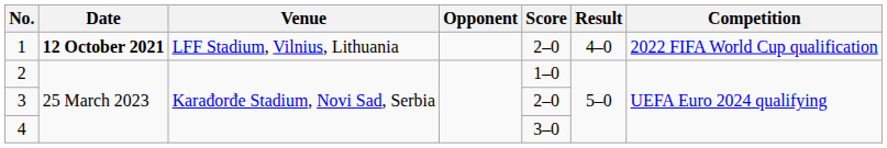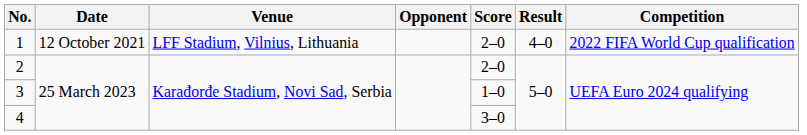 <table class="wikitable sortable">
 <tr>
 <th scope="col">No.</th>
 <th scope="col">Date</th>
 <th scope="col">Venue</th>
 <th scope="col">Opponent</th>
 <th scope="col">Score</th>
 <th scope="col">Result</th>
 <th scope="col">Competition</th>
 </tr>
 <tr>
 <td align="center">1</td>
-<td><strong>12 October 2021</strong></td>
+<td>12 October 2021</td>
 <td><a href='#'>LFF Stadium</a>, <a href='#'>Vilnius</a>, Lithuania</td>
 <td></td>
 <td align="center">2–0</td>
 <td align="center">4–0</td>
 <td><a href='#'>2022 FIFA World Cup qualification</a></td>
 </tr>
 <tr>
 <td align="center">2</td>
 <td rowspan=3>25 March 2023</td>
 <td rowspan=3><a href='#'>Karađorđe Stadium</a>, <a href='#'>Novi Sad</a>, Serbia</td>
 <td rowspan=3></td>
-<td align="center">1–0</td>
+<td align="center">2–0</td>
 <td align="center" rowspan=3>5–0</td>
 <td rowspan=3><a href='#'>UEFA Euro 2024 qualifying</a></td>
 </tr>
 <tr>
 <td align="center">3</td>
-<td align="center">2–0</td>
+<td align="center">1–0</td>
 </tr>
 <tr>
 <td align="center">4</td>
 <td align="center">3–0</td>
 </tr>
 </table>
